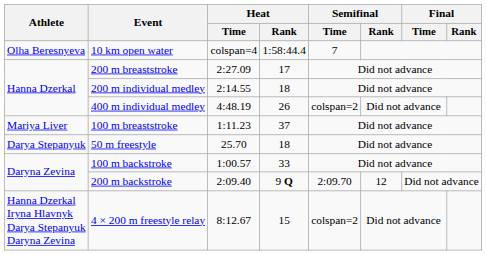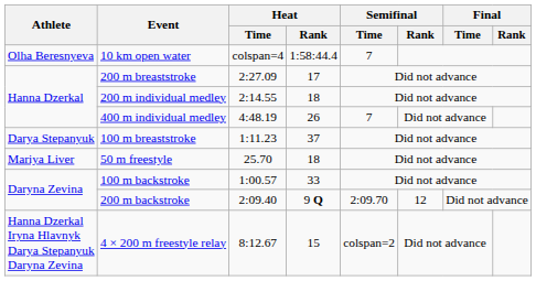 <table class=wikitable style="font-size:90%">
 <tr>
 <th rowspan="2">Athlete</th>
 <th rowspan="2">Event</th>
 <th colspan="2">Heat</th>
 <th colspan="2">Semifinal</th>
 <th colspan="2">Final</th>
 </tr>
 <tr style="font-size:95%">
 <th>Time</th>
 <th>Rank</th>
 <th>Time</th>
 <th>Rank</th>
 <th>Time</th>
 <th>Rank</th>
 </tr>
 <tr align=center>
 <td align=left><a href='#'>Olha Beresnyeva</a></td>
 <td align=left><a href='#'>10 km open water</a></td>
 <td>colspan=4 </td>
 <td>1:58:44.4</td>
 <td>7</td>
 </tr>
 <tr align=center>
 <td align=left rowspan=3><a href='#'>Hanna Dzerkal</a></td>
 <td align=left><a href='#'>200 m breaststroke</a></td>
 <td>2:27.09</td>
 <td>17</td>
 <td colspan=4>Did not advance</td>
 </tr>
 <tr align=center>
 <td align=left><a href='#'>200 m individual medley</a></td>
 <td>2:14.55</td>
 <td>18</td>
 <td colspan=4>Did not advance</td>
 </tr>
 <tr align=center>
 <td align=left><a href='#'>400 m individual medley</a></td>
 <td>4:48.19</td>
 <td>26</td>
-<td>colspan=2 </td>
+<td>7</td>
 <td colspan=2>Did not advance</td>
 </tr>
 <tr align=center>
-<td align=left><a href='#'>Mariya Liver</a></td>
+<td align=left><a href='#'>Darya Stepanyuk</a></td>
 <td align=left><a href='#'>100 m breaststroke</a></td>
 <td>1:11.23</td>
 <td>37</td>
 <td colspan=4>Did not advance</td>
 </tr>
 <tr align=center>
-<td align=left><a href='#'>Darya Stepanyuk</a></td>
+<td align=left><a href='#'>Mariya Liver</a></td>
 <td align=left><a href='#'>50 m freestyle</a></td>
 <td>25.70</td>
 <td>18</td>
 <td colspan=4>Did not advance</td>
 </tr>
 <tr align=center>
 <td align=left rowspan=2><a href='#'>Daryna Zevina</a></td>
 <td align=left><a href='#'>100 m backstroke</a></td>
 <td>1:00.57</td>
 <td>33</td>
 <td colspan=4>Did not advance</td>
 </tr>
 <tr align=center>
 <td align=left><a href='#'>200 m backstroke</a></td>
 <td>2:09.40</td>
 <td>9 <strong>Q</strong></td>
 <td>2:09.70</td>
 <td>12</td>
 <td colspan=2>Did not advance</td>
 </tr>
 <tr align=center>
 <td align=left><a href='#'>Hanna Dzerkal</a><br><a href='#'>Iryna Hlavnyk</a><br><a href='#'>Darya Stepanyuk</a><br><a href='#'>Daryna Zevina</a></td>
 <td align=left><a href='#'>4 × 200 m freestyle relay</a></td>
 <td>8:12.67</td>
 <td>15</td>
 <td>colspan=2 </td>
 <td colspan=2>Did not advance</td>
 </tr>
 </table>
